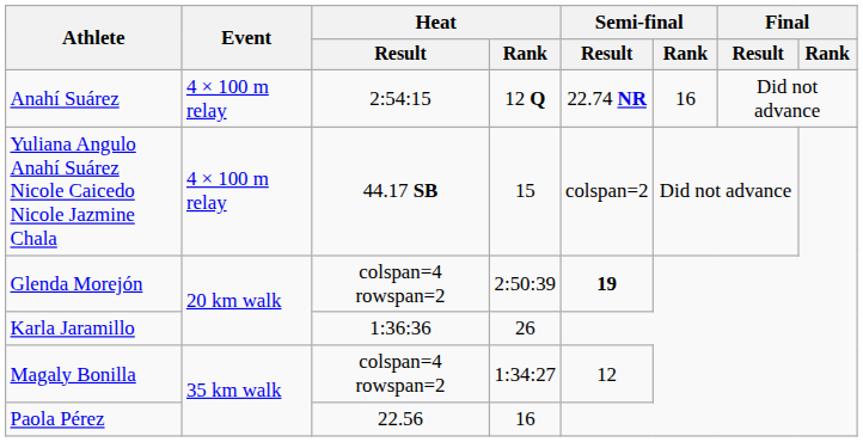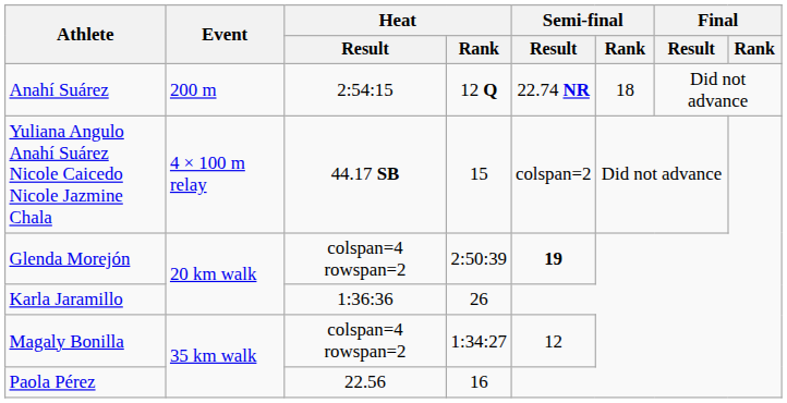 <table class="wikitable" style="font-size:90%">
 <tr>
 <th rowspan="2">Athlete</th>
 <th rowspan="2">Event</th>
 <th colspan="2">Heat</th>
 <th colspan="2">Semi-final</th>
 <th colspan="2">Final</th>
 </tr>
 <tr style="font-size:95%">
 <th>Result</th>
 <th>Rank</th>
 <th>Result</th>
 <th>Rank</th>
 <th>Result</th>
 <th>Rank</th>
 </tr>
 <tr align=center>
 <td align=left><a href='#'>Anahí Suárez</a></td>
-<td align=left><a href='#'>4 × 100 m relay</a></td>
+<td align=left><a href='#'>200 m</a></td>
 <td>2:54:15</td>
 <td>12 <strong>Q</strong></td>
 <td>22.74 <strong><a href='#'>NR</a></strong></td>
-<td>16</td>
+<td>18</td>
 <td colspan="2">Did not advance</td>
 </tr>
 <tr align=center>
 <td align=left><a href='#'>Yuliana Angulo</a> <br> <a href='#'>Anahí Suárez</a><br> <a href='#'>Nicole Caicedo</a><br> <a href='#'>Nicole Jazmine Chala</a></td>
 <td align=left><a href='#'>4 × 100 m relay</a></td>
 <td>44.17 <strong>SB</strong></td>
 <td>15</td>
 <td>colspan=2</td>
 <td colspan="2">Did not advance</td>
 </tr>
 <tr align=center>
 <td align=left><a href='#'>Glenda Morejón</a></td>
 <td align=left rowspan=2><a href='#'>20 km walk</a></td>
 <td>colspan=4 rowspan=2 </td>
 <td>2:50:39</td>
 <td><strong>19</strong></td>
 </tr>
 <tr align=center>
 <td align=left><a href='#'>Karla Jaramillo</a></td>
 <td>1:36:36</td>
 <td>26</td>
 </tr>
 <tr align=center>
 <td align=left><a href='#'>Magaly Bonilla</a></td>
 <td align=left rowspan=2><a href='#'>35 km walk</a></td>
 <td>colspan=4 rowspan=2 </td>
 <td>1:34:27</td>
 <td>12</td>
 </tr>
 <tr align=center>
 <td align=left><a href='#'>Paola Pérez</a></td>
 <td>22.56</td>
 <td>16</td>
 </tr>
 </table>
